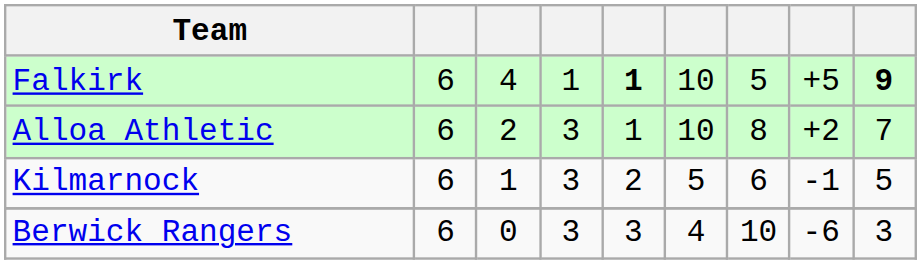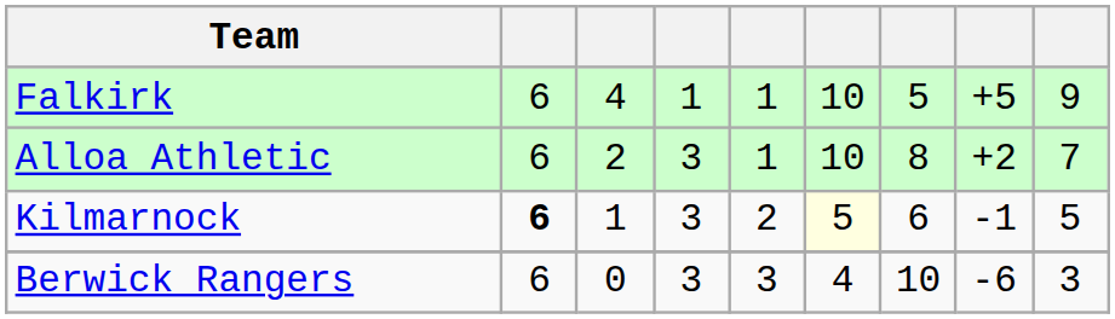 <table class="wikitable" style="text-align:center;">
 <tr>
 <th width=165>Team</th>
 <th width=20></th>
 <th width=20></th>
 <th width=20></th>
 <th width=20></th>
 <th width=20></th>
 <th width=20></th>
 <th width=20></th>
 <th width=20></th>
 </tr>
 <tr style="background:#cfc;">
 <td align="left"><a href='#'>Falkirk</a></td>
 <td>6</td>
 <td>4</td>
 <td>1</td>
-<td><strong>1</strong></td>
+<td>1</td>
 <td>10</td>
 <td>5</td>
 <td>+5</td>
-<td><strong>9</strong></td>
+<td>9</td>
 </tr>
 <tr style="background:#cfc;">
 <td align="left"><a href='#'>Alloa Athletic</a></td>
 <td>6</td>
 <td>2</td>
 <td>3</td>
 <td>1</td>
 <td>10</td>
 <td>8</td>
 <td>+2</td>
 <td>7</td>
 </tr>
 <tr>
 <td align="left"><a href='#'>Kilmarnock</a></td>
-<td>6</td>
+<td><strong>6</strong></td>
 <td>1</td>
 <td>3</td>
 <td>2</td>
-<td>5</td>
+<td style="background: lightyellow;">5</td>
 <td>6</td>
 <td>-1</td>
 <td>5</td>
 </tr>
 <tr>
 </tr>
 <tr>
 <td align="left"><a href='#'>Berwick Rangers</a></td>
 <td>6</td>
 <td>0</td>
 <td>3</td>
 <td>3</td>
 <td>4</td>
 <td>10</td>
 <td>-6</td>
 <td>3</td>
 </tr>
 </table>
